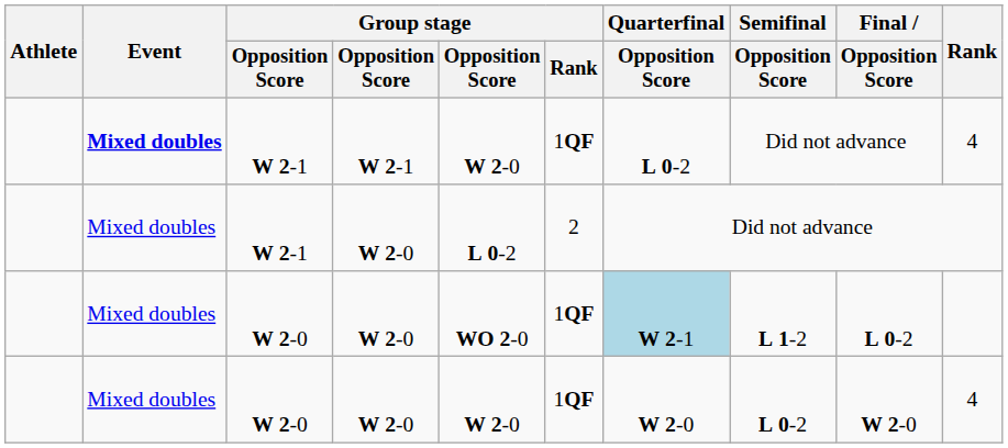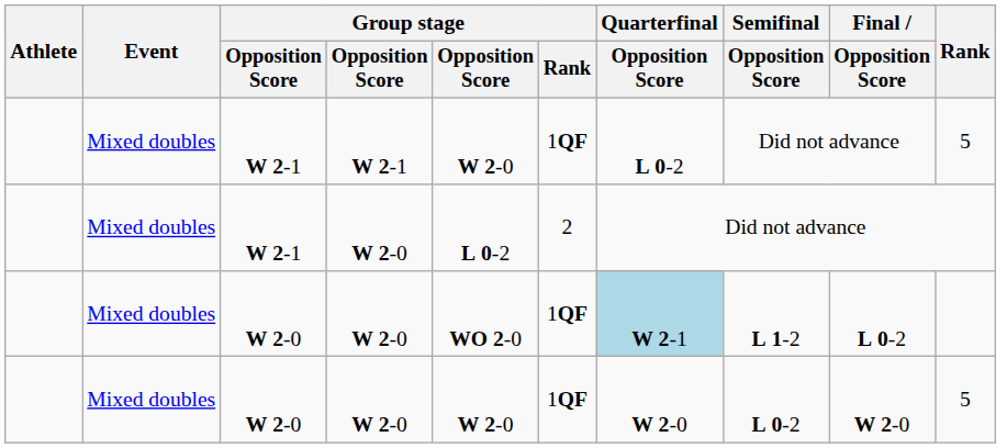 <table class="wikitable" style="font-size:90%">
 <tr>
 <th rowspan=2>Athlete</th>
 <th rowspan=2>Event</th>
 <th colspan=4>Group stage</th>
 <th>Quarterfinal</th>
 <th>Semifinal</th>
 <th>Final / </th>
 <th rowspan=2>Rank</th>
 </tr>
 <tr style="font-size:95%">
 <th>Opposition<br>Score</th>
 <th>Opposition<br>Score</th>
 <th>Opposition<br>Score</th>
 <th>Rank</th>
 <th>Opposition<br>Score</th>
 <th>Opposition<br>Score</th>
 <th>Opposition<br>Score</th>
 </tr>
 <tr align=center>
 <td align=left><br></td>
-<td align=left><strong><a href='#'>Mixed doubles</a></strong></td>
+<td align=left><a href='#'>Mixed doubles</a></td>
 <td><small><br></small> <br> <strong>W</strong> <strong>2</strong>-1</td>
 <td><small><br></small> <br> <strong>W</strong> <strong>2</strong>-1</td>
 <td><small><br></small> <br> <strong>W</strong> <strong>2</strong>-0</td>
 <td>1<strong>QF</strong></td>
 <td><small><br></small> <br> <strong>L</strong> <strong>0</strong>-2</td>
 <td colspan=2>Did not advance</td>
-<td>4</td>
+<td>5</td>
 </tr>
 <tr align=center>
 <td align=left><br></td>
 <td align=left><a href='#'>Mixed doubles</a></td>
 <td><small><br></small> <br> <strong>W</strong> <strong>2</strong>-1</td>
 <td><small><br></small> <br> <strong>W</strong> <strong>2</strong>-0</td>
 <td><small><br></small> <br> <strong>L</strong> <strong>0</strong>-2</td>
 <td>2</td>
 <td colspan=4>Did not advance</td>
 </tr>
 <tr align=center>
 <td align=left><br></td>
 <td align=left><a href='#'>Mixed doubles</a></td>
 <td><small><br></small> <br> <strong>W</strong> <strong>2</strong>-0</td>
 <td><small><br></small> <br> <strong>W</strong> <strong>2</strong>-0</td>
 <td><small><br></small> <br> <strong>WO</strong> <strong>2</strong>-0</td>
 <td>1<strong>QF</strong></td>
 <td style="background: lightblue;"><small><br></small> <br> <strong>W</strong> <strong>2</strong>-1</td>
 <td><small><br></small> <br> <strong>L</strong> <strong>1</strong>-2</td>
 <td><small><br></small> <br> <strong>L</strong> <strong>0</strong>-2</td>
 <td></td>
 </tr>
 <tr align=center>
 <td align=left><br></td>
 <td align=left><a href='#'>Mixed doubles</a></td>
 <td><small><br></small> <br> <strong>W</strong> <strong>2</strong>-0</td>
 <td><small><br></small> <br> <strong>W</strong> <strong>2</strong>-0</td>
 <td><small><br></small> <br> <strong>W</strong> <strong>2</strong>-0</td>
 <td>1<strong>QF</strong></td>
 <td><small><br></small> <br> <strong>W</strong> <strong>2</strong>-0</td>
 <td><small><br></small> <br> <strong>L</strong> <strong>0</strong>-2</td>
 <td><small><br></small> <br> <strong>W</strong> <strong>2</strong>-0</td>
-<td>4</td>
+<td>5</td>
 </tr>
 </table>
